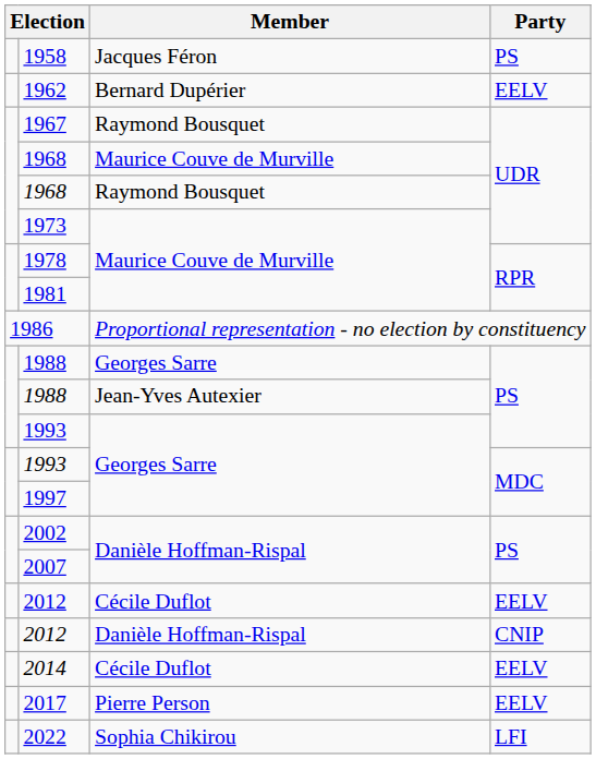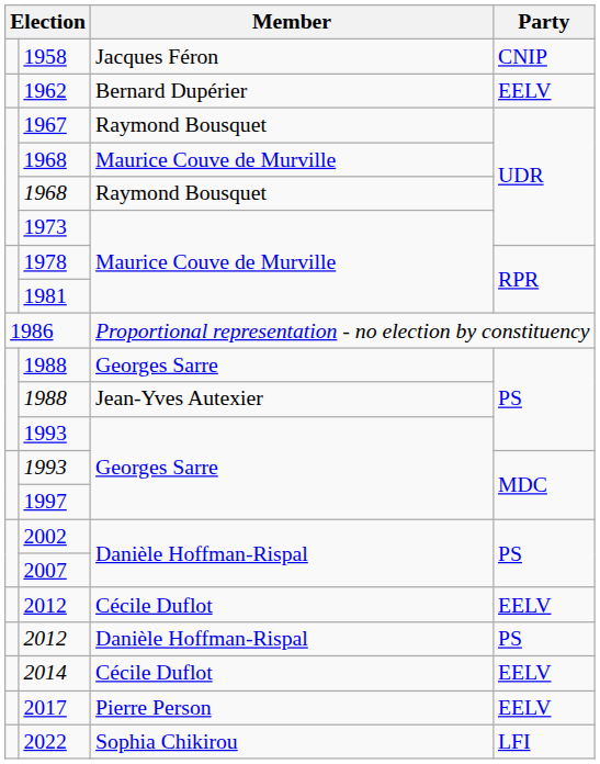 <table class="wikitable">
 <tr>
 <th colspan="2">Election</th>
 <th>Member</th>
 <th>Party</th>
 </tr>
 <tr>
 <td style="color:inherit;background:"></td>
 <td><a href='#'>1958</a></td>
 <td>Jacques Féron</td>
-<td><a href='#'>PS</a></td>
+<td><a href='#'>CNIP</a></td>
 </tr>
 <tr>
 <td style="color:inherit;background:"></td>
 <td><a href='#'>1962</a></td>
 <td>Bernard Dupérier</td>
 <td><a href='#'>EELV</a></td>
 </tr>
 <tr>
 <td rowspan="4" style="color:inherit;background:"></td>
 <td><a href='#'>1967</a></td>
 <td>Raymond Bousquet</td>
 <td rowspan="4"><a href='#'>UDR</a></td>
 </tr>
 <tr>
 <td><a href='#'>1968</a></td>
 <td><a href='#'>Maurice Couve de Murville</a></td>
 </tr>
 <tr>
 <td><em>1968</em></td>
 <td>Raymond Bousquet</td>
 </tr>
 <tr>
 <td><a href='#'>1973</a></td>
 <td rowspan="3"><a href='#'>Maurice Couve de Murville</a></td>
 </tr>
 <tr>
 <td rowspan="2" style="color:inherit;background:"></td>
 <td><a href='#'>1978</a></td>
 <td rowspan="2"><a href='#'>RPR</a></td>
 </tr>
 <tr>
 <td><a href='#'>1981</a></td>
 </tr>
 <tr>
 <td colspan="2"><a href='#'>1986</a></td>
 <td colspan="2"><em><a href='#'>Proportional representation</a> - no election by constituency</em></td>
 </tr>
 <tr>
 <td rowspan="3" style="color:inherit;background:"></td>
 <td><a href='#'>1988</a></td>
 <td><a href='#'>Georges Sarre</a></td>
 <td rowspan="3"><a href='#'>PS</a></td>
 </tr>
 <tr>
 <td><em>1988</em></td>
 <td>Jean-Yves Autexier</td>
 </tr>
 <tr>
 <td><a href='#'>1993</a></td>
 <td rowspan="3"><a href='#'>Georges Sarre</a></td>
 </tr>
 <tr>
 <td rowspan="2" style="color:inherit;background:"></td>
 <td><em>1993</em></td>
 <td rowspan="2"><a href='#'>MDC</a></td>
 </tr>
 <tr>
 <td><a href='#'>1997</a></td>
 </tr>
 <tr>
 <td rowspan="2" style="color:inherit;background:"></td>
 <td><a href='#'>2002</a></td>
 <td rowspan="2"><a href='#'>Danièle Hoffman-Rispal</a></td>
 <td rowspan="2"><a href='#'>PS</a></td>
 </tr>
 <tr>
 <td><a href='#'>2007</a></td>
 </tr>
 <tr>
 <td style="color:inherit;background-color: "></td>
 <td><a href='#'>2012</a></td>
 <td><a href='#'>Cécile Duflot</a></td>
 <td><a href='#'>EELV</a></td>
 </tr>
 <tr>
 <td style="color:inherit;background:"></td>
 <td><em>2012</em></td>
 <td><a href='#'>Danièle Hoffman-Rispal</a></td>
-<td><a href='#'>CNIP</a></td>
+<td><a href='#'>PS</a></td>
 </tr>
 <tr>
 <td style="color:inherit;background-color: "></td>
 <td><em>2014</em></td>
 <td><a href='#'>Cécile Duflot</a></td>
 <td><a href='#'>EELV</a></td>
 </tr>
 <tr>
 <td style="color:inherit;background:"></td>
 <td><a href='#'>2017</a></td>
 <td><a href='#'>Pierre Person</a></td>
 <td><a href='#'>EELV</a></td>
 </tr>
 <tr>
 <td style="color:inherit;background:"></td>
 <td><a href='#'>2022</a></td>
 <td><a href='#'>Sophia Chikirou</a></td>
 <td><a href='#'>LFI</a></td>
 </tr>
 </table>
